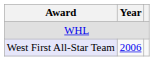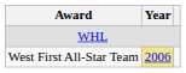 <table class="wikitable">
 <tr>
 <th>Award</th>
 <th>Year</th>
 <th></th>
 </tr>
 <tr ALIGN="center" bgcolor="#e0e0e0">
 <td colspan="3"><a href='#'>WHL</a></td>
 </tr>
 <tr>
-<td style="background: lavender;">West First All-Star Team</td>
-<td><a href='#'>2006</a></td>
+<td>West First All-Star Team</td>
+<td style="background: khaki;"><a href='#'>2006</a></td>
 <td></td>
 </tr>
 </table>
